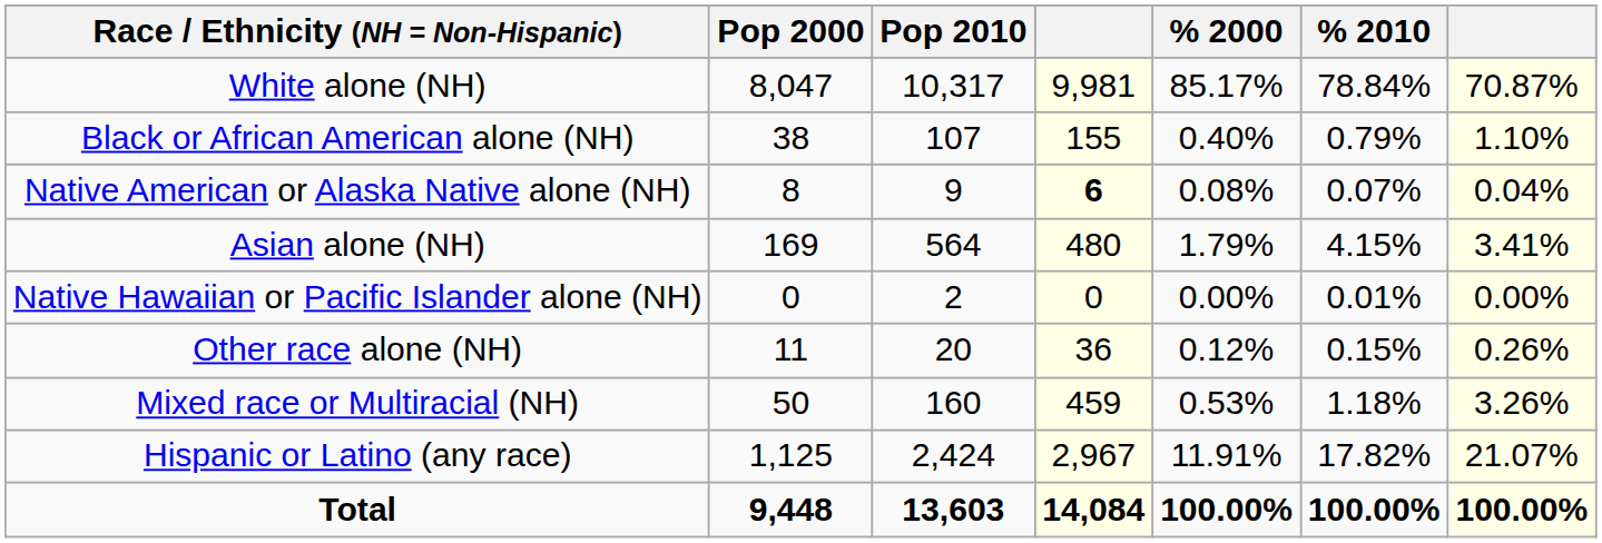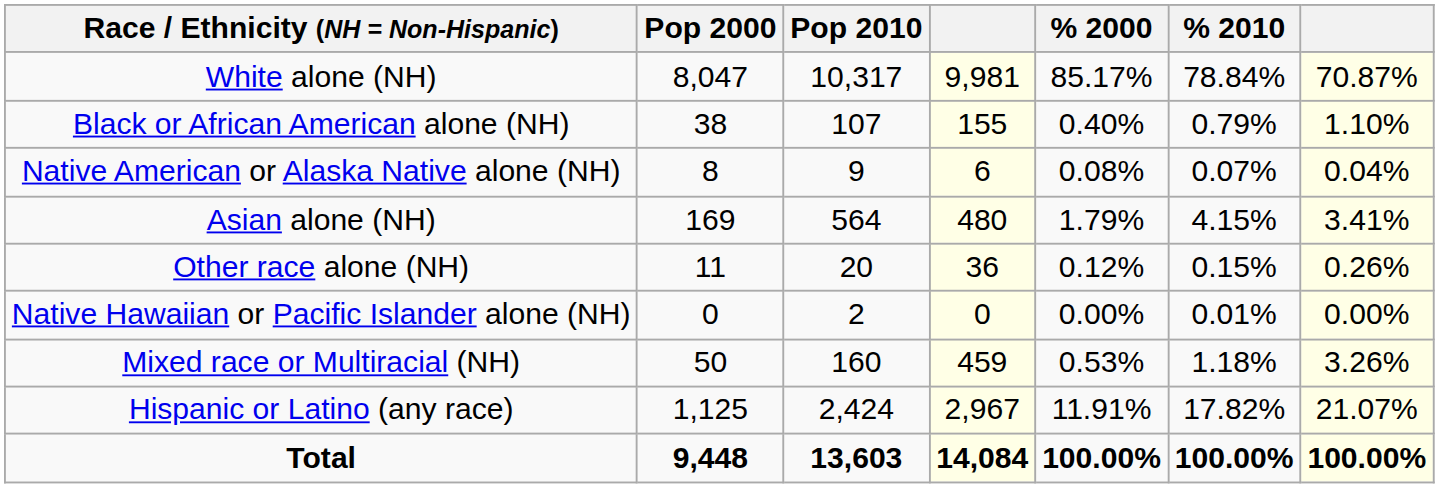 <table class="wikitable" style="text-align:center;">
 <tr>
 <th>Race / Ethnicity <small>(<em>NH = Non-Hispanic</em>)</small></th>
 <th>Pop 2000</th>
 <th>Pop 2010</th>
 <th></th>
 <th>% 2000</th>
 <th>% 2010</th>
 <th></th>
 </tr>
 <tr>
 <td><a href='#'>White</a> alone (NH)</td>
 <td>8,047</td>
 <td>10,317</td>
 <td style='background: #ffffe6;'>9,981</td>
 <td>85.17%</td>
 <td>78.84%</td>
 <td style='background: #ffffe6;'>70.87%</td>
 </tr>
 <tr>
 <td><a href='#'>Black or African American</a> alone (NH)</td>
 <td>38</td>
 <td>107</td>
 <td style='background: #ffffe6;'>155</td>
 <td>0.40%</td>
 <td>0.79%</td>
 <td style='background: #ffffe6;'>1.10%</td>
 </tr>
 <tr>
 <td><a href='#'>Native American</a> or <a href='#'>Alaska Native</a> alone (NH)</td>
 <td>8</td>
 <td>9</td>
-<td style='background: #ffffe6;'><strong>6</strong></td>
+<td style='background: #ffffe6;'>6</td>
 <td>0.08%</td>
 <td>0.07%</td>
 <td style='background: #ffffe6;'>0.04%</td>
 </tr>
 <tr>
 <td><a href='#'>Asian</a> alone (NH)</td>
 <td>169</td>
 <td>564</td>
 <td style='background: #ffffe6;'>480</td>
 <td>1.79%</td>
 <td>4.15%</td>
 <td style='background: #ffffe6;'>3.41%</td>
 </tr>
 <tr>
+<td><a href='#'>Other race</a> alone (NH)</td>
+<td>11</td>
+<td>20</td>
+<td style='background: #ffffe6;'>36</td>
+<td>0.12%</td>
+<td>0.15%</td>
+<td style='background: #ffffe6;'>0.26%</td>
+</tr>
+<tr>
 <td><a href='#'>Native Hawaiian</a> or <a href='#'>Pacific Islander</a> alone (NH)</td>
 <td>0</td>
 <td>2</td>
 <td style='background: #ffffe6;'>0</td>
 <td>0.00%</td>
 <td>0.01%</td>
 <td style='background: #ffffe6;'>0.00%</td>
-</tr>
-<tr>
-<td><a href='#'>Other race</a> alone (NH)</td>
-<td>11</td>
-<td>20</td>
-<td style='background: #ffffe6;'>36</td>
-<td>0.12%</td>
-<td>0.15%</td>
-<td style='background: #ffffe6;'>0.26%</td>
 </tr>
 <tr>
 <td><a href='#'>Mixed race or Multiracial</a> (NH)</td>
 <td>50</td>
 <td>160</td>
 <td style='background: #ffffe6;'>459</td>
 <td>0.53%</td>
 <td>1.18%</td>
 <td style='background: #ffffe6;'>3.26%</td>
 </tr>
 <tr>
 <td><a href='#'>Hispanic or Latino</a> (any race)</td>
 <td>1,125</td>
 <td>2,424</td>
 <td style='background: #ffffe6;'>2,967</td>
 <td>11.91%</td>
 <td>17.82%</td>
 <td style='background: #ffffe6;'>21.07%</td>
 </tr>
 <tr>
 <td><strong>Total</strong></td>
 <td><strong>9,448</strong></td>
 <td><strong>13,603</strong></td>
 <td style='background: #ffffe6;'><strong>14,084</strong></td>
 <td><strong>100.00%</strong></td>
 <td><strong>100.00%</strong></td>
 <td style='background: #ffffe6;'><strong>100.00%</strong></td>
 </tr>
 </table>
